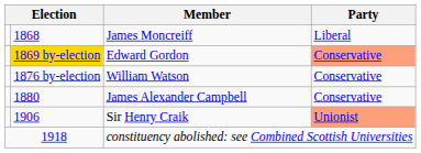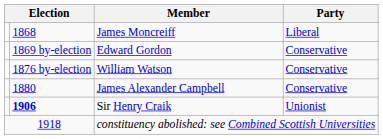 <table class="wikitable">
 <tr>
 <th colspan="2">Election</th>
 <th>Member</th>
 <th>Party</th>
 </tr>
 <tr>
 <td style="color:inherit;background-color: "></td>
 <td><a href='#'>1868</a></td>
 <td><a href='#'>James Moncreiff</a></td>
 <td><a href='#'>Liberal</a></td>
 </tr>
 <tr>
 <td style="color:inherit;background-color: "></td>
-<td style="background: gold;"><a href='#'>1869 by-election</a></td>
+<td><a href='#'>1869 by-election</a></td>
 <td><a href='#'>Edward Gordon</a></td>
-<td style="background: lightsalmon;"><a href='#'>Conservative</a></td>
+<td><a href='#'>Conservative</a></td>
 </tr>
 <tr>
 <td style="color:inherit;background-color: "></td>
 <td><a href='#'>1876 by-election</a></td>
 <td><a href='#'>William Watson</a></td>
 <td><a href='#'>Conservative</a></td>
 </tr>
 <tr>
 <td style="color:inherit;background-color: "></td>
 <td><a href='#'>1880</a></td>
 <td><a href='#'>James Alexander Campbell</a></td>
 <td><a href='#'>Conservative</a></td>
 </tr>
 <tr>
 <td style="color:inherit;background-color: "></td>
-<td><a href='#'>1906</a></td>
+<td><strong><a href='#'>1906</a></strong></td>
 <td>Sir <a href='#'>Henry Craik</a></td>
-<td style="background: lightsalmon;"><a href='#'>Unionist</a></td>
+<td><a href='#'>Unionist</a></td>
 </tr>
 <tr>
 <td colspan="2" align="center"><a href='#'>1918</a></td>
 <td colspan="2"><em>constituency abolished: see <a href='#'>Combined Scottish Universities</a></em></td>
 </tr>
 </table>
